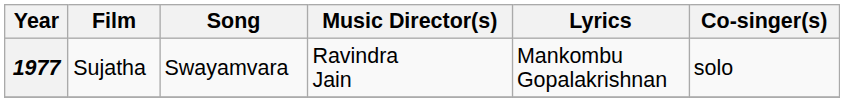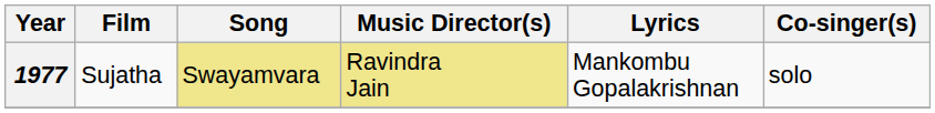 <table class="wikitable sortable" style="width:100%;">
 <tr>
 <th>Year</th>
 <th>Film</th>
 <th>Song</th>
 <th>Music Director(s)</th>
 <th>Lyrics</th>
 <th>Co-singer(s)</th>
 </tr>
 <tr>
 <th><em>1977</em></th>
 <td>Sujatha</td>
-<td>Swayamvara<br></td>
-<td>Ravindra<br>Jain</td>
+<td style="background: khaki;">Swayamvara<br></td>
+<td style="background: khaki;">Ravindra<br>Jain</td>
 <td>Mankombu<br>Gopalakrishnan</td>
 <td>solo</td>
 </tr>
 <tr>
 </tr>
 </table>
